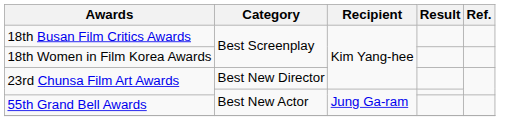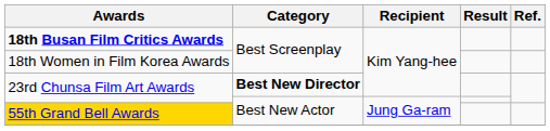 <table class="wikitable sortable">
 <tr>
 <th>Awards</th>
 <th>Category</th>
 <th>Recipient</th>
 <th>Result</th>
 <th>Ref.</th>
 </tr>
 <tr>
-<td>18th <a href='#'>Busan Film Critics Awards</a></td>
+<td><strong>18th <a href='#'>Busan Film Critics Awards</a></strong></td>
 <td rowspan="2">Best Screenplay</td>
 <td rowspan="3">Kim Yang-hee</td>
 <td></td>
 <td></td>
 </tr>
 <tr>
 <td>18th Women in Film Korea Awards</td>
 <td></td>
 <td></td>
 </tr>
 <tr>
 <td rowspan=2>23rd <a href='#'>Chunsa Film Art Awards</a></td>
-<td>Best New Director</td>
+<td><strong>Best New Director</strong></td>
 <td></td>
 <td rowspan=2></td>
 </tr>
 <tr>
 <td rowspan=2>Best New Actor</td>
 <td rowspan=2><a href='#'>Jung Ga-ram</a></td>
 <td></td>
 </tr>
 <tr>
-<td><a href='#'>55th Grand Bell Awards</a></td>
+<td style="background: gold;"><a href='#'>55th Grand Bell Awards</a></td>
 <td></td>
 <td></td>
 </tr>
 <tr>
 </tr>
 </table>
